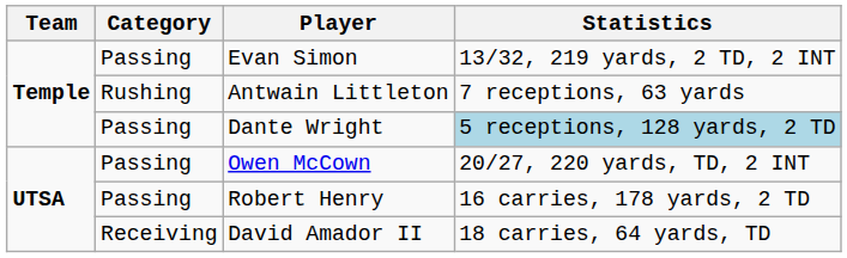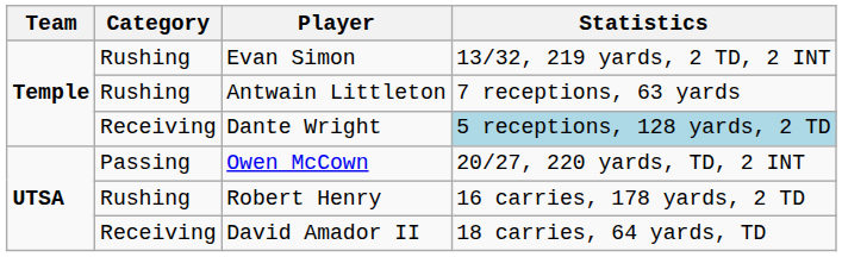 <table class="wikitable" style="float: right;">
 <tr>
 <th>Team</th>
 <th>Category</th>
 <th>Player</th>
 <th>Statistics</th>
 </tr>
 <tr>
 <td rowspan=3><strong>Temple</strong></td>
-<td>Passing</td>
+<td>Rushing</td>
 <td>Evan Simon</td>
 <td>13/32, 219 yards, 2 TD, 2 INT</td>
 </tr>
 <tr>
 <td>Rushing</td>
 <td>Antwain Littleton</td>
 <td>7 receptions, 63 yards</td>
 </tr>
 <tr>
-<td>Passing</td>
+<td>Receiving</td>
 <td>Dante Wright</td>
 <td style="background: lightblue;">5 receptions, 128 yards, 2 TD</td>
 </tr>
 <tr>
 <td rowspan=3><strong>UTSA</strong></td>
 <td>Passing</td>
 <td><a href='#'>Owen McCown</a></td>
 <td>20/27, 220 yards, TD, 2 INT</td>
 </tr>
 <tr>
-<td>Passing</td>
+<td>Rushing</td>
 <td>Robert Henry</td>
 <td>16 carries, 178 yards, 2 TD</td>
 </tr>
 <tr>
 <td>Receiving</td>
 <td>David Amador II</td>
 <td>18 carries, 64 yards, TD</td>
 </tr>
 </table>
